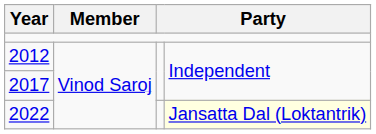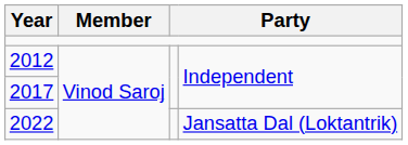 <table class="wikitable">
 <tr>
 <th>Year</th>
 <th>Member</th>
 <th colspan="2">Party</th>
 </tr>
 <tr>
 <td colspan="4"></td>
 </tr>
 <tr>
 <td><a href='#'>2012</a></td>
 <td rowspan="3"><a href='#'>Vinod Saroj</a></td>
 <td rowspan="2" style="background-color: "></td>
 <td rowspan="2"><a href='#'>Independent</a></td>
 </tr>
 <tr>
 <td><a href='#'>2017</a></td>
 </tr>
 <tr>
 <td><a href='#'>2022</a></td>
 <td style="background-color: "></td>
-<td style="background: lightyellow;"><a href='#'>Jansatta Dal (Loktantrik)</a></td>
+<td><a href='#'>Jansatta Dal (Loktantrik)</a></td>
 </tr>
 </table>
